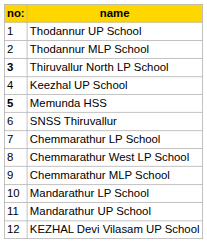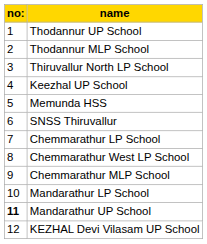 <table class="wikitable sortable" style="background:#fff;">
 <tr>
 <th style="background:gold;">no:</th>
 <th style="background:gold;" !>name</th>
 </tr>
 <tr>
 <td>1</td>
 <td>Thodannur UP School</td>
 </tr>
 <tr>
 <td>2</td>
 <td>Thodannur MLP School</td>
 </tr>
 <tr>
-<td><strong>3</strong></td>
+<td>3</td>
 <td>Thiruvallur North LP School</td>
 </tr>
 <tr>
 <td>4</td>
 <td>Keezhal UP School</td>
 </tr>
 <tr>
-<td><strong>5</strong></td>
+<td>5</td>
 <td>Memunda HSS</td>
 </tr>
 <tr>
 <td>6</td>
 <td>SNSS Thiruvallur</td>
 </tr>
 <tr>
 <td>7</td>
 <td>Chemmarathur LP School</td>
 </tr>
 <tr>
 <td>8</td>
 <td>Chemmarathur West LP School</td>
 </tr>
 <tr>
 <td>9</td>
 <td>Chemmarathur MLP School</td>
 </tr>
 <tr>
 <td>10</td>
 <td>Mandarathur LP School</td>
 </tr>
 <tr>
-<td>11</td>
+<td><strong>11</strong></td>
 <td>Mandarathur UP School</td>
 </tr>
 <tr>
 <td>12</td>
 <td>KEZHAL Devi Vilasam UP School</td>
 </tr>
 </table>
